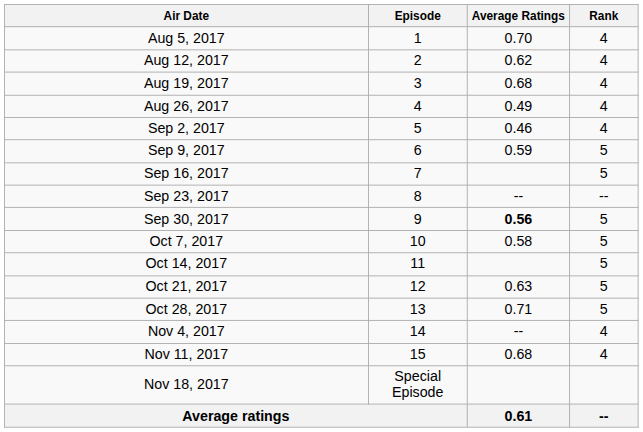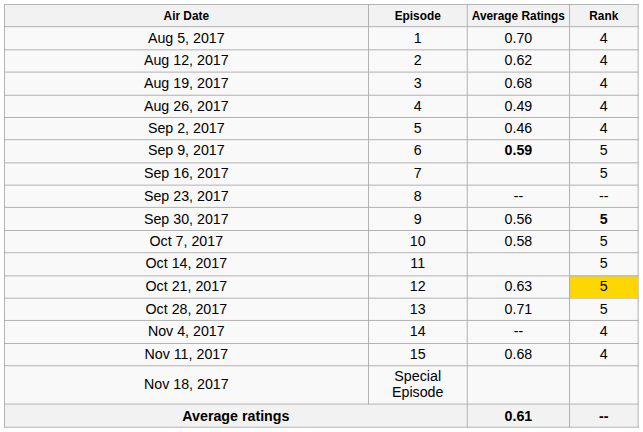 <table class="wikitable" style="text-align:center;width:45%;">
 <tr>
 <th width="25%"><small><strong>Air Date</strong></small></th>
 <th width="5%"><small><strong>Episode</strong></small></th>
 <th width="6%"><small><strong>Average Ratings</strong></small></th>
 <th width="4%"><small><strong>Rank</strong></small></th>
 </tr>
 <tr>
 <td>Aug 5, 2017</td>
 <td>1</td>
 <td>0.70</td>
 <td>4</td>
 </tr>
 <tr>
 <td>Aug 12, 2017</td>
 <td>2</td>
 <td>0.62</td>
 <td>4</td>
 </tr>
 <tr>
 <td>Aug 19, 2017</td>
 <td>3</td>
 <td>0.68</td>
 <td>4</td>
 </tr>
 <tr>
 <td>Aug 26, 2017</td>
 <td>4</td>
 <td>0.49</td>
 <td>4</td>
 </tr>
 <tr>
 <td>Sep 2, 2017</td>
 <td>5</td>
 <td>0.46</td>
 <td>4</td>
 </tr>
 <tr>
 <td>Sep 9, 2017</td>
 <td>6</td>
-<td>0.59</td>
+<td><strong>0.59</strong></td>
 <td>5</td>
 </tr>
 <tr>
 <td>Sep 16, 2017</td>
 <td>7</td>
 <td><strong></strong></td>
 <td>5</td>
 </tr>
 <tr>
 <td>Sep 23, 2017</td>
 <td>8</td>
 <td>--</td>
 <td>--</td>
 </tr>
 <tr>
 <td>Sep 30, 2017</td>
 <td>9</td>
-<td><strong>0.56</strong></td>
-<td>5</td>
+<td>0.56</td>
+<td><strong>5</strong></td>
 </tr>
 <tr>
 <td>Oct 7, 2017</td>
 <td>10</td>
 <td>0.58</td>
 <td>5</td>
 </tr>
 <tr>
 <td>Oct 14, 2017</td>
 <td>11</td>
 <td><strong></strong></td>
 <td>5</td>
 </tr>
 <tr>
 <td>Oct 21, 2017</td>
 <td>12</td>
 <td>0.63</td>
-<td>5</td>
+<td style="background: gold;">5</td>
 </tr>
 <tr>
 <td>Oct 28, 2017</td>
 <td>13</td>
 <td>0.71</td>
 <td>5</td>
 </tr>
 <tr>
 <td>Nov 4, 2017</td>
 <td>14</td>
 <td>--</td>
 <td>4</td>
 </tr>
 <tr>
 <td>Nov 11, 2017</td>
 <td>15</td>
 <td>0.68</td>
 <td>4</td>
 </tr>
 <tr>
 <td>Nov 18, 2017</td>
 <td>Special Episode</td>
 <td></td>
 <td></td>
 </tr>
 <tr>
 <th colspan="2"><strong>Average ratings</strong></th>
 <th>0.61</th>
 <th>--</th>
 </tr>
 </table>
